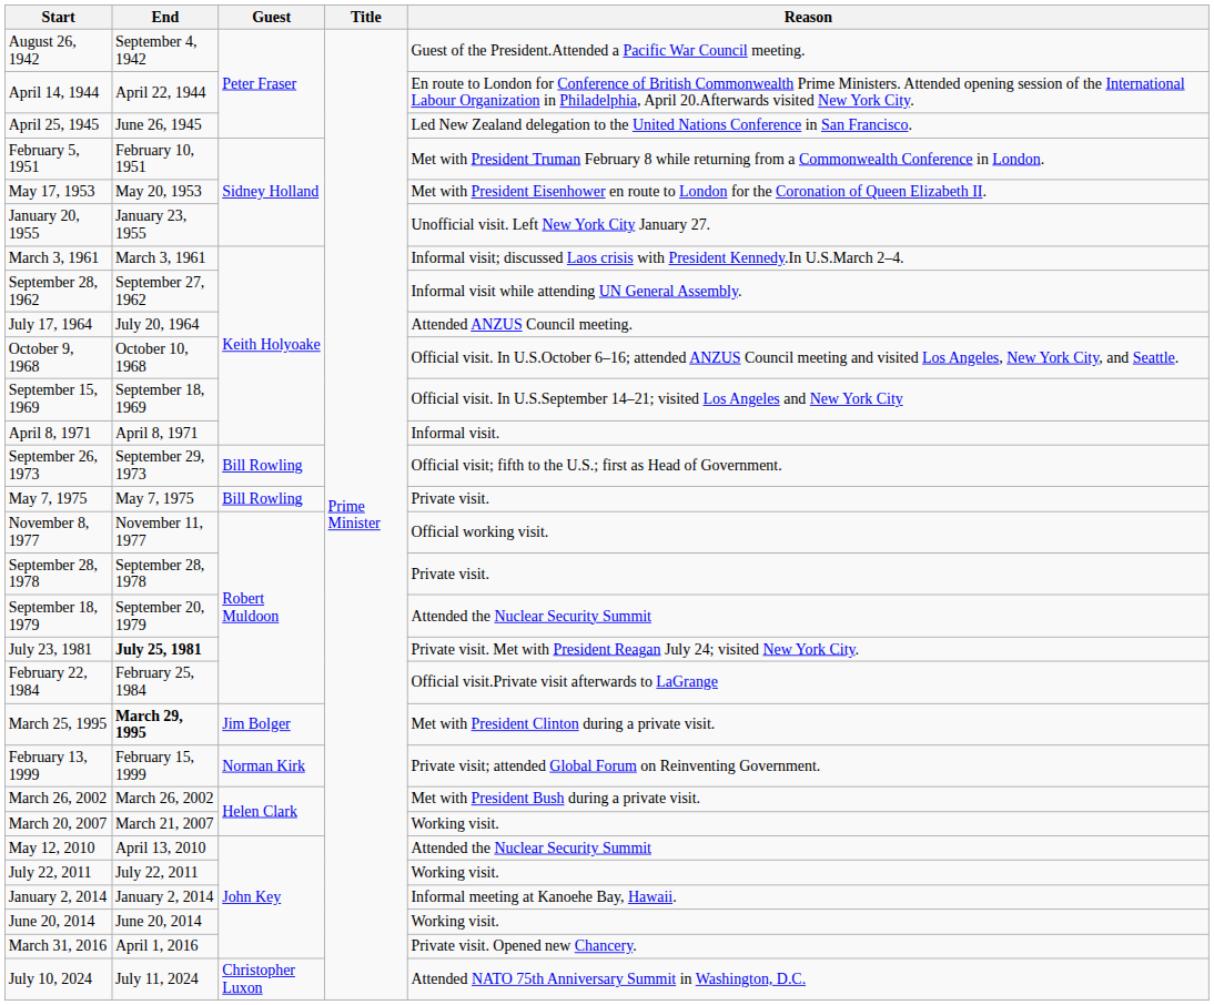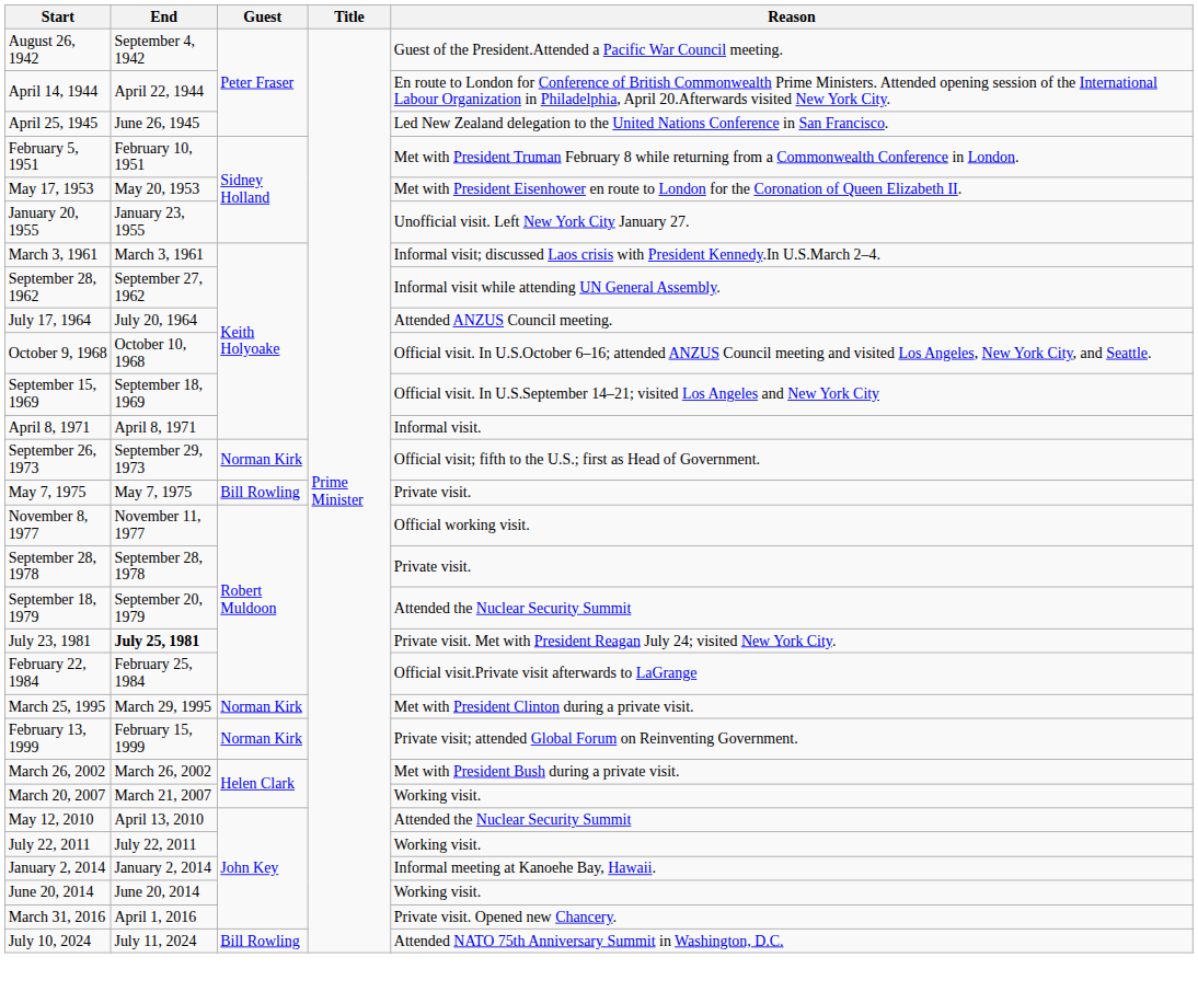 <table class="wikitable sortable">
 <tr>
 <th>Start</th>
 <th>End</th>
 <th>Guest</th>
 <th>Title</th>
 <th>Reason</th>
 </tr>
 <tr>
 <td>August 26, 1942</td>
 <td>September 4, 1942</td>
 <td rowspan=3><a href='#'>Peter Fraser</a></td>
 <td rowspan=29><a href='#'>Prime Minister</a></td>
 <td>Guest of the President.Attended a <a href='#'>Pacific War Council</a> meeting.</td>
 </tr>
 <tr>
 <td>April 14, 1944</td>
 <td>April 22, 1944</td>
 <td>En route to London for <a href='#'>Conference of British Commonwealth</a> Prime Ministers. Attended opening session of the <a href='#'>International Labour Organization</a> in <a href='#'>Philadelphia</a>, April 20.Afterwards visited <a href='#'>New York City</a>.</td>
 </tr>
 <tr>
 <td>April 25, 1945</td>
 <td>June 26, 1945</td>
 <td>Led New Zealand delegation to the <a href='#'>United Nations Conference</a> in <a href='#'>San Francisco</a>.</td>
 </tr>
 <tr>
 <td>February 5, 1951</td>
 <td>February 10, 1951</td>
 <td rowspan=3><a href='#'>Sidney Holland</a></td>
 <td>Met with <a href='#'>President Truman</a> February 8 while returning from a <a href='#'>Commonwealth Conference</a> in <a href='#'>London</a>.</td>
 </tr>
 <tr>
 <td>May 17, 1953</td>
 <td>May 20, 1953</td>
 <td>Met with <a href='#'>President Eisenhower</a> en route to <a href='#'>London</a> for the <a href='#'>Coronation of Queen Elizabeth II</a>.</td>
 </tr>
 <tr>
 <td>January 20, 1955</td>
 <td>January 23, 1955</td>
 <td>Unofficial visit. Left <a href='#'>New York City</a> January 27.</td>
 </tr>
 <tr>
 <td>March 3, 1961</td>
 <td>March 3, 1961</td>
 <td rowspan=6><a href='#'>Keith Holyoake</a></td>
 <td>Informal visit; discussed <a href='#'>Laos crisis</a> with <a href='#'>President Kennedy</a>.In U.S.March 2–4.</td>
 </tr>
 <tr>
 <td>September 28, 1962</td>
 <td>September 27, 1962</td>
 <td>Informal visit while attending <a href='#'>UN General Assembly</a>.</td>
 </tr>
 <tr>
 <td>July 17, 1964</td>
 <td>July 20, 1964</td>
 <td>Attended <a href='#'>ANZUS</a> Council meeting.</td>
 </tr>
 <tr>
 <td>October 9, 1968</td>
 <td>October 10, 1968</td>
 <td>Official visit. In U.S.October 6–16; attended <a href='#'>ANZUS</a> Council meeting and visited <a href='#'>Los Angeles</a>, <a href='#'>New York City</a>, and <a href='#'>Seattle</a>.</td>
 </tr>
 <tr>
 <td>September 15, 1969</td>
 <td>September 18, 1969</td>
 <td>Official visit. In U.S.September 14–21; visited <a href='#'>Los Angeles</a> and <a href='#'>New York City</a></td>
 </tr>
 <tr>
 <td>April 8, 1971</td>
 <td>April 8, 1971</td>
 <td>Informal visit.</td>
 </tr>
 <tr>
 <td>September 26, 1973</td>
 <td>September 29, 1973</td>
-<td><a href='#'>Bill Rowling</a></td>
+<td><a href='#'>Norman Kirk</a></td>
 <td>Official visit; fifth to the U.S.; first as Head of Government.</td>
 </tr>
 <tr>
 <td>May 7, 1975</td>
 <td>May 7, 1975</td>
 <td><a href='#'>Bill Rowling</a></td>
 <td>Private visit.</td>
 </tr>
 <tr>
 <td>November 8, 1977</td>
 <td>November 11, 1977</td>
 <td rowspan=5><a href='#'>Robert Muldoon</a></td>
 <td>Official working visit.</td>
 </tr>
 <tr>
 <td>September 28, 1978</td>
 <td>September 28, 1978</td>
 <td>Private visit.</td>
 </tr>
 <tr>
 <td>September 18, 1979</td>
 <td>September 20, 1979</td>
 <td>Attended the <a href='#'>Nuclear Security Summit</a></td>
 </tr>
 <tr>
 <td>July 23, 1981</td>
 <td><strong>July 25, 1981</strong></td>
 <td>Private visit. Met with <a href='#'>President Reagan</a> July 24; visited <a href='#'>New York City</a>.</td>
 </tr>
 <tr>
 <td>February 22, 1984</td>
 <td>February 25, 1984</td>
 <td>Official visit.Private visit afterwards to <a href='#'>LaGrange</a></td>
 </tr>
 <tr>
 <td>March 25, 1995</td>
-<td><strong>March 29, 1995</strong></td>
-<td><a href='#'>Jim Bolger</a></td>
+<td>March 29, 1995</td>
+<td><a href='#'>Norman Kirk</a></td>
 <td>Met with <a href='#'>President Clinton</a> during a private visit.</td>
 </tr>
 <tr>
 <td>February 13, 1999</td>
 <td>February 15, 1999</td>
 <td><a href='#'>Norman Kirk</a></td>
 <td>Private visit; attended <a href='#'>Global Forum</a> on Reinventing Government.</td>
 </tr>
 <tr>
 <td>March 26, 2002</td>
 <td>March 26, 2002</td>
 <td rowspan=2><a href='#'>Helen Clark</a></td>
 <td>Met with <a href='#'>President Bush</a> during a private visit.</td>
 </tr>
 <tr>
 <td>March 20, 2007</td>
 <td>March 21, 2007</td>
 <td>Working visit.</td>
 </tr>
 <tr>
 <td>May 12, 2010</td>
 <td>April 13, 2010</td>
 <td rowspan=5><a href='#'>John Key</a></td>
 <td>Attended the <a href='#'>Nuclear Security Summit</a></td>
 </tr>
 <tr>
 <td>July 22, 2011</td>
 <td>July 22, 2011</td>
 <td>Working visit.</td>
 </tr>
 <tr>
 <td>January 2, 2014</td>
 <td>January 2, 2014</td>
 <td>Informal meeting at Kanoehe Bay, <a href='#'>Hawaii</a>.</td>
 </tr>
 <tr>
 <td>June 20, 2014</td>
 <td>June 20, 2014</td>
 <td>Working visit.</td>
 </tr>
 <tr>
 <td>March 31, 2016</td>
 <td>April 1, 2016</td>
 <td>Private visit. Opened new <a href='#'>Chancery</a>.</td>
 </tr>
 <tr>
 <td>July 10, 2024</td>
 <td>July 11, 2024</td>
-<td><a href='#'>Christopher Luxon</a></td>
+<td><a href='#'>Bill Rowling</a></td>
 <td>Attended <a href='#'>NATO 75th Anniversary Summit</a> in <a href='#'>Washington, D.C.</a></td>
 </tr>
 </table>
